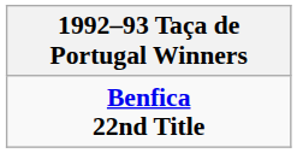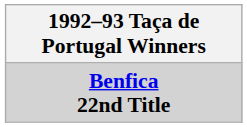 <table class="wikitable" style="text-align: center; margin: 0 auto; width: 20%">
 <tr>
 <th>1992–93 Taça de Portugal Winners</th>
 </tr>
 <tr>
-<td><strong><a href='#'>Benfica</a></strong><br><strong>22nd Title</strong></td>
+<td style="background: lightgrey;"><strong><a href='#'>Benfica</a></strong><br><strong>22nd Title</strong></td>
 </tr>
 </table>
